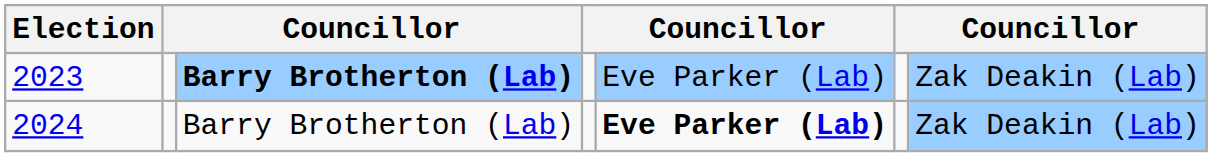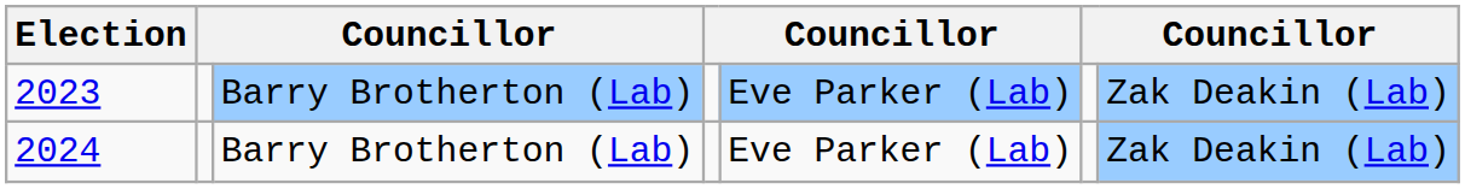 <table class="wikitable">
 <tr>
 <th>Election</th>
 <th colspan="2">Councillor</th>
 <th colspan="2">Councillor</th>
 <th colspan="2">Councillor</th>
 </tr>
 <tr>
 <td><a href='#'>2023</a></td>
 <td style="background-color: "></td>
-<td bgcolor="#99CCFF"><strong>Barry Brotherton  (<a href='#'>Lab</a>)</strong></td>
+<td bgcolor="#99CCFF">Barry Brotherton  (<a href='#'>Lab</a>)</td>
 <td style="background-color: "></td>
 <td bgcolor="#99CCFF">Eve Parker (<a href='#'>Lab</a>)</td>
 <td style="background-color: "></td>
 <td bgcolor="#99CCFF">Zak Deakin (<a href='#'>Lab</a>)</td>
 </tr>
 <tr>
 <td><a href='#'>2024</a></td>
 <td style="background-color: "></td>
 <td bgcolor=>Barry Brotherton  (<a href='#'>Lab</a>)</td>
 <td style="background-color: "></td>
-<td bgcolor=><strong>Eve Parker (<a href='#'>Lab</a>)</strong></td>
+<td bgcolor=>Eve Parker (<a href='#'>Lab</a>)</td>
 <td style="background-color: "></td>
 <td bgcolor="#99CCFF">Zak Deakin (<a href='#'>Lab</a>)</td>
 </tr>
 </table>
